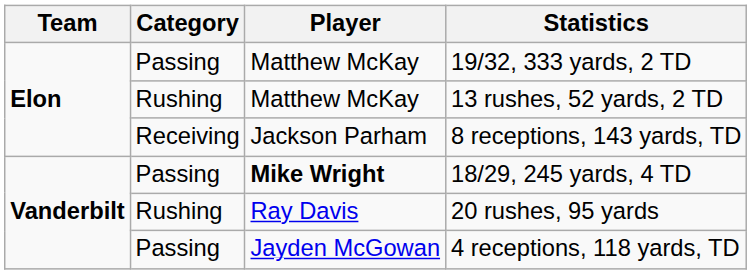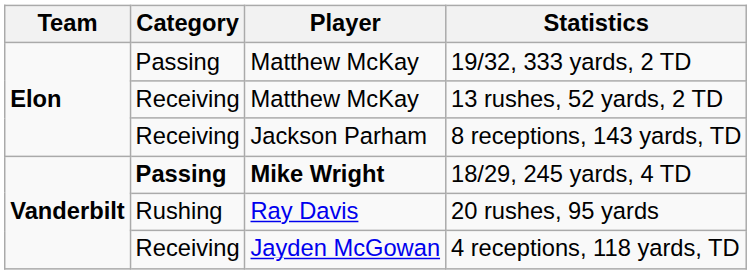 <table class="wikitable" style="float: left;">
 <tr>
 <th>Team</th>
 <th>Category</th>
 <th>Player</th>
 <th>Statistics</th>
 </tr>
 <tr>
 <td rowspan=3><strong>Elon</strong></td>
 <td>Passing</td>
 <td>Matthew McKay</td>
 <td>19/32, 333 yards, 2 TD</td>
 </tr>
 <tr>
-<td>Rushing</td>
+<td>Receiving</td>
 <td>Matthew McKay</td>
 <td>13 rushes, 52 yards, 2 TD</td>
 </tr>
 <tr>
 <td>Receiving</td>
 <td>Jackson Parham</td>
 <td>8 receptions, 143 yards, TD</td>
 </tr>
 <tr>
 <td rowspan=3><strong>Vanderbilt</strong></td>
-<td>Passing</td>
+<td><strong>Passing</strong></td>
 <td><strong>Mike Wright</strong></td>
 <td>18/29, 245 yards, 4 TD</td>
 </tr>
 <tr>
 <td>Rushing</td>
 <td><a href='#'>Ray Davis</a></td>
 <td>20 rushes, 95 yards</td>
 </tr>
 <tr>
-<td>Passing</td>
+<td>Receiving</td>
 <td><a href='#'>Jayden McGowan</a></td>
 <td>4 receptions, 118 yards, TD</td>
 </tr>
 </table>
